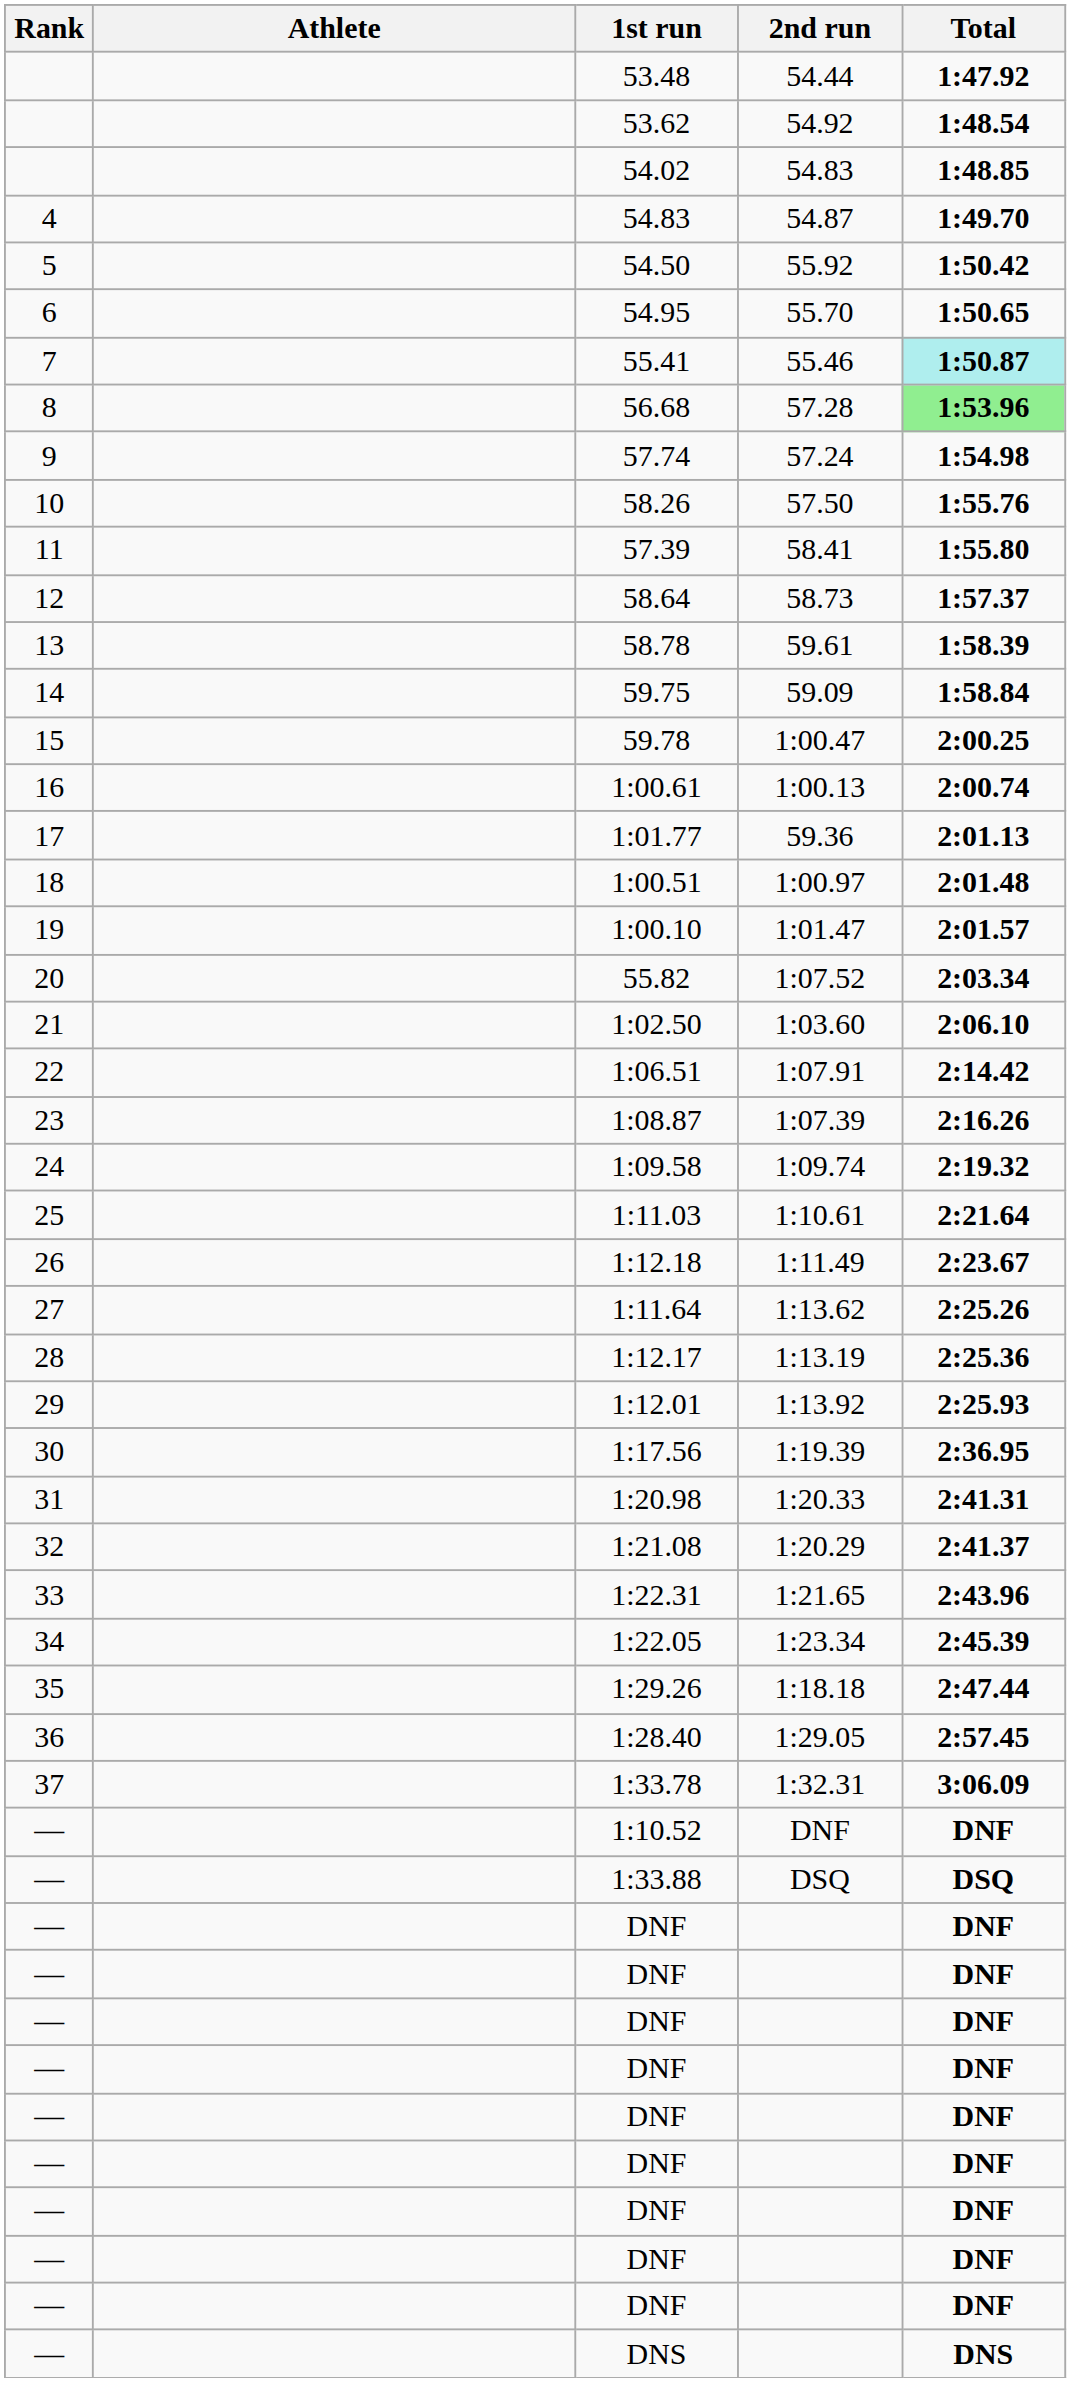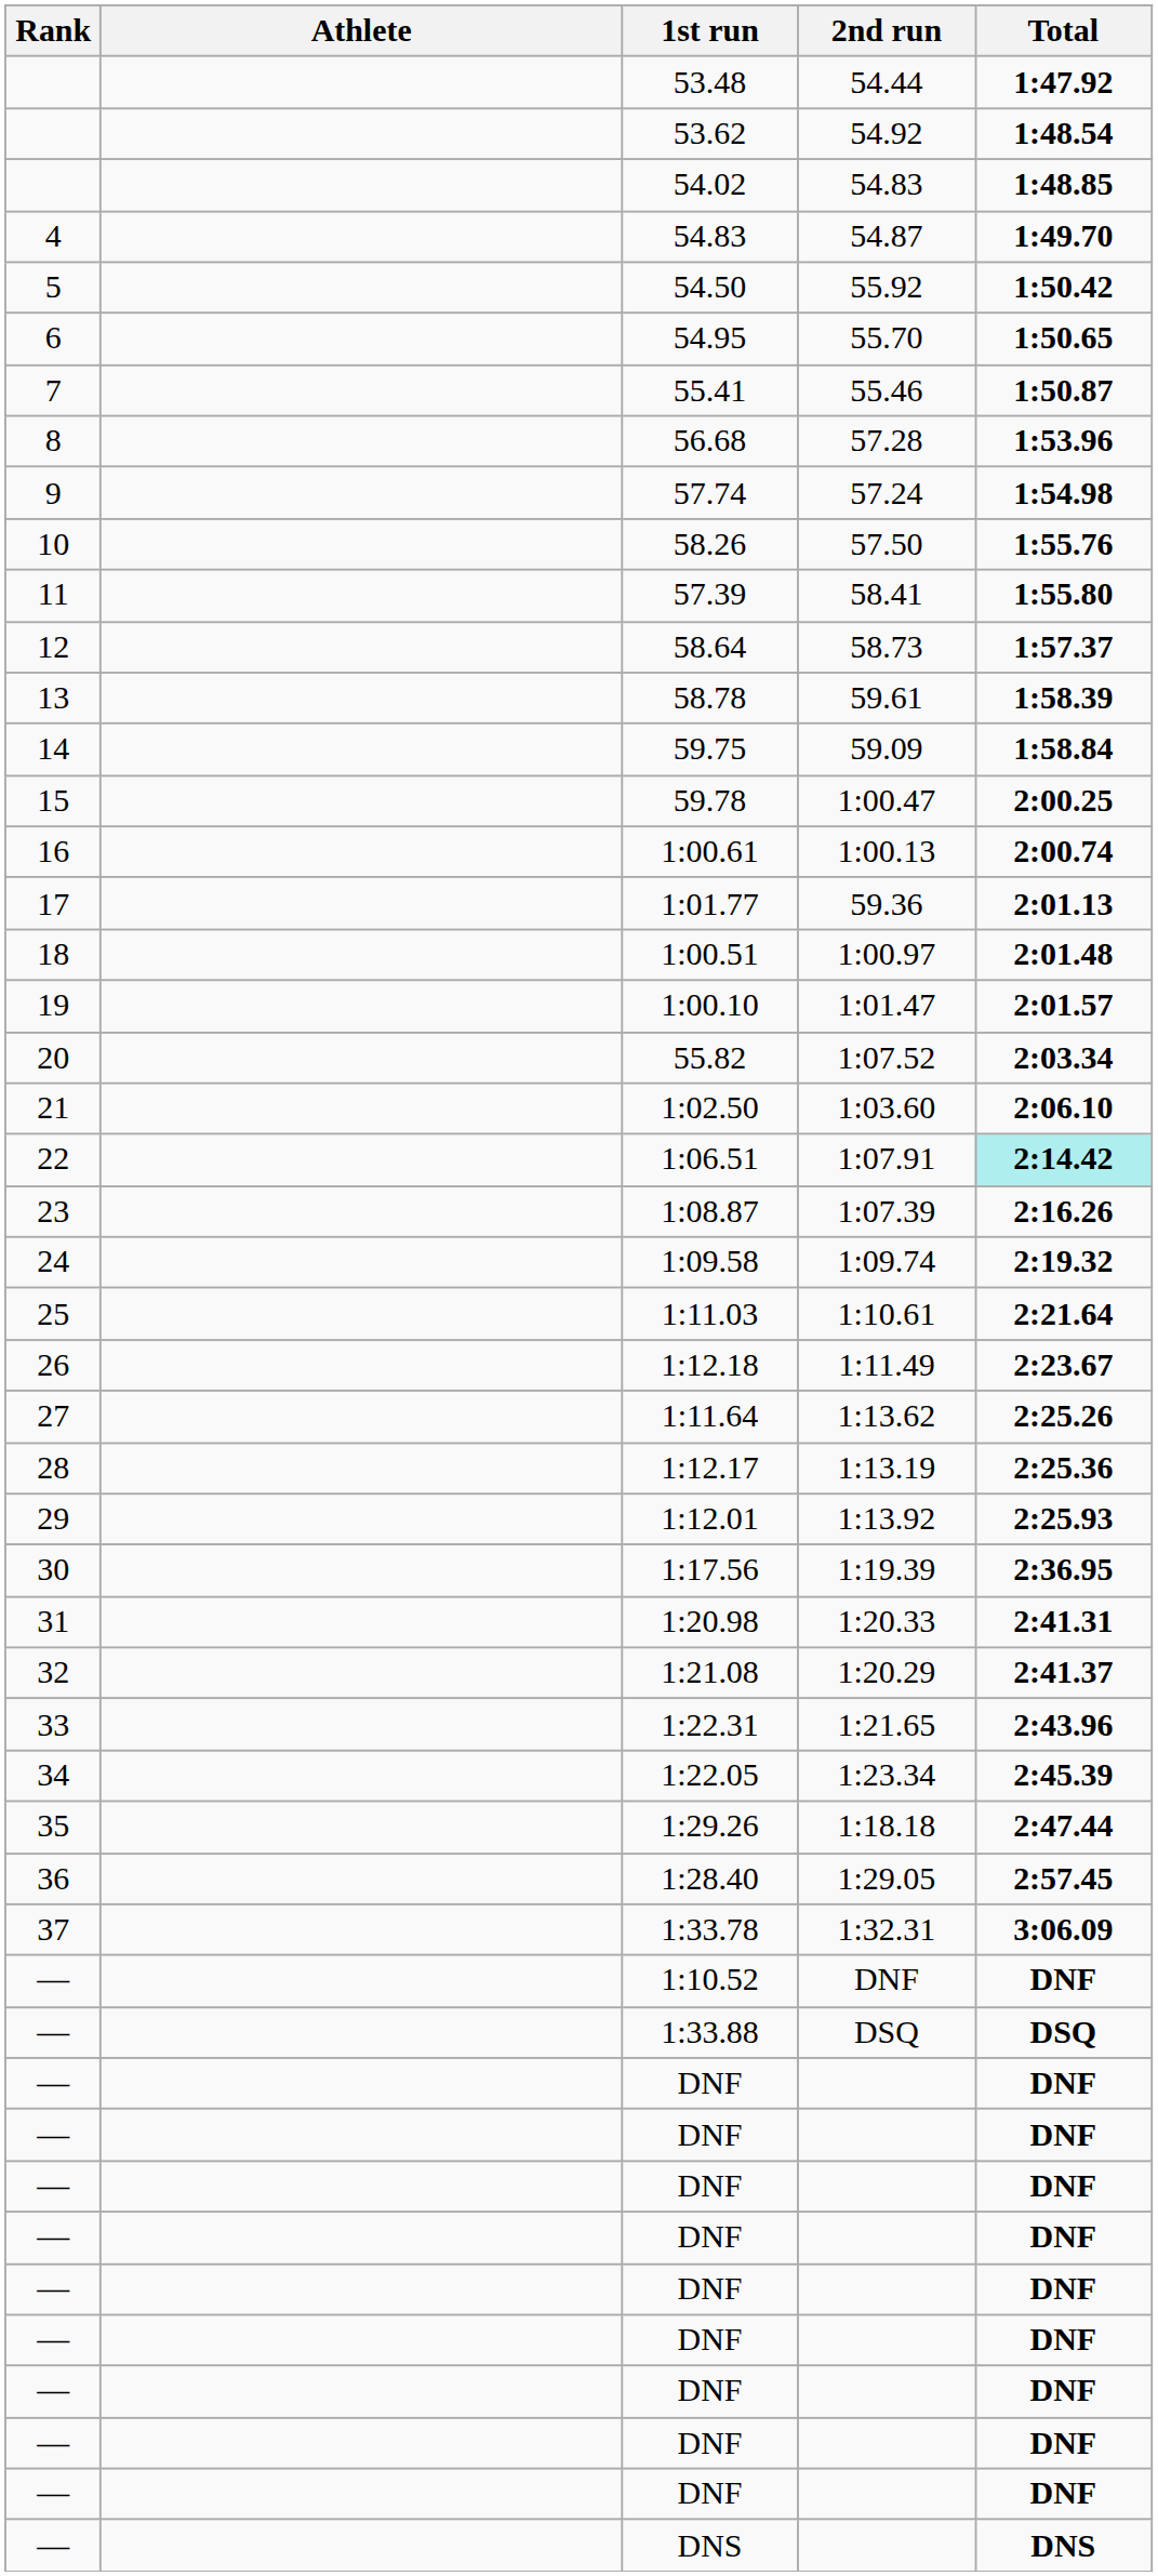 <table class=wikitable style="text-align:center">
 <tr>
 <th width=40>Rank</th>
 <th width=250>Athlete</th>
 <th width=80>1st run</th>
 <th width=80>2nd run</th>
 <th width=80>Total</th>
 </tr>
 <tr>
 <td></td>
 <td align=left></td>
 <td>53.48</td>
 <td>54.44</td>
 <td><strong>1:47.92</strong></td>
 </tr>
 <tr>
 <td></td>
 <td align=left></td>
 <td>53.62</td>
 <td>54.92</td>
 <td><strong>1:48.54</strong></td>
 </tr>
 <tr>
 <td></td>
 <td align=left></td>
 <td>54.02</td>
 <td>54.83</td>
 <td><strong>1:48.85</strong></td>
 </tr>
 <tr>
 <td>4</td>
 <td align=left></td>
 <td>54.83</td>
 <td>54.87</td>
 <td><strong>1:49.70</strong></td>
 </tr>
 <tr>
 <td>5</td>
 <td align=left></td>
 <td>54.50</td>
 <td>55.92</td>
 <td><strong>1:50.42</strong></td>
 </tr>
 <tr>
 <td>6</td>
 <td align=left></td>
 <td>54.95</td>
 <td>55.70</td>
 <td><strong>1:50.65</strong></td>
 </tr>
 <tr>
 <td>7</td>
 <td align=left></td>
 <td>55.41</td>
 <td>55.46</td>
-<td style="background: paleturquoise;"><strong>1:50.87</strong></td>
+<td><strong>1:50.87</strong></td>
 </tr>
 <tr>
 <td>8</td>
 <td align=left></td>
 <td>56.68</td>
 <td>57.28</td>
-<td style="background: lightgreen;"><strong>1:53.96</strong></td>
+<td><strong>1:53.96</strong></td>
 </tr>
 <tr>
 <td>9</td>
 <td align=left></td>
 <td>57.74</td>
 <td>57.24</td>
 <td><strong>1:54.98</strong></td>
 </tr>
 <tr>
 <td>10</td>
 <td align=left></td>
 <td>58.26</td>
 <td>57.50</td>
 <td><strong>1:55.76</strong></td>
 </tr>
 <tr>
 <td>11</td>
 <td align=left></td>
 <td>57.39</td>
 <td>58.41</td>
 <td><strong>1:55.80</strong></td>
 </tr>
 <tr>
 <td>12</td>
 <td align=left></td>
 <td>58.64</td>
 <td>58.73</td>
 <td><strong>1:57.37</strong></td>
 </tr>
 <tr>
 <td>13</td>
 <td align=left></td>
 <td>58.78</td>
 <td>59.61</td>
 <td><strong>1:58.39</strong></td>
 </tr>
 <tr>
 <td>14</td>
 <td align=left></td>
 <td>59.75</td>
 <td>59.09</td>
 <td><strong>1:58.84</strong></td>
 </tr>
 <tr>
 <td>15</td>
 <td align=left></td>
 <td>59.78</td>
 <td>1:00.47</td>
 <td><strong>2:00.25</strong></td>
 </tr>
 <tr>
 <td>16</td>
 <td align=left></td>
 <td>1:00.61</td>
 <td>1:00.13</td>
 <td><strong>2:00.74</strong></td>
 </tr>
 <tr>
 <td>17</td>
 <td align=left></td>
 <td>1:01.77</td>
 <td>59.36</td>
 <td><strong>2:01.13</strong></td>
 </tr>
 <tr>
 <td>18</td>
 <td align=left></td>
 <td>1:00.51</td>
 <td>1:00.97</td>
 <td><strong>2:01.48</strong></td>
 </tr>
 <tr>
 <td>19</td>
 <td align=left></td>
 <td>1:00.10</td>
 <td>1:01.47</td>
 <td><strong>2:01.57</strong></td>
 </tr>
 <tr>
 <td>20</td>
 <td align=left></td>
 <td>55.82</td>
 <td>1:07.52</td>
 <td><strong>2:03.34</strong></td>
 </tr>
 <tr>
 <td>21</td>
 <td align=left></td>
 <td>1:02.50</td>
 <td>1:03.60</td>
 <td><strong>2:06.10</strong></td>
 </tr>
 <tr>
 <td>22</td>
 <td align=left></td>
 <td>1:06.51</td>
 <td>1:07.91</td>
-<td><strong>2:14.42</strong></td>
+<td style="background: paleturquoise;"><strong>2:14.42</strong></td>
 </tr>
 <tr>
 <td>23</td>
 <td align=left></td>
 <td>1:08.87</td>
 <td>1:07.39</td>
 <td><strong>2:16.26</strong></td>
 </tr>
 <tr>
 <td>24</td>
 <td align=left></td>
 <td>1:09.58</td>
 <td>1:09.74</td>
 <td><strong>2:19.32</strong></td>
 </tr>
 <tr>
 <td>25</td>
 <td align=left></td>
 <td>1:11.03</td>
 <td>1:10.61</td>
 <td><strong>2:21.64</strong></td>
 </tr>
 <tr>
 <td>26</td>
 <td align=left></td>
 <td>1:12.18</td>
 <td>1:11.49</td>
 <td><strong>2:23.67</strong></td>
 </tr>
 <tr>
 <td>27</td>
 <td align=left></td>
 <td>1:11.64</td>
 <td>1:13.62</td>
 <td><strong>2:25.26</strong></td>
 </tr>
 <tr>
 <td>28</td>
 <td align=left></td>
 <td>1:12.17</td>
 <td>1:13.19</td>
 <td><strong>2:25.36</strong></td>
 </tr>
 <tr>
 <td>29</td>
 <td align=left></td>
 <td>1:12.01</td>
 <td>1:13.92</td>
 <td><strong>2:25.93</strong></td>
 </tr>
 <tr>
 <td>30</td>
 <td align=left></td>
 <td>1:17.56</td>
 <td>1:19.39</td>
 <td><strong>2:36.95</strong></td>
 </tr>
 <tr>
 <td>31</td>
 <td align=left></td>
 <td>1:20.98</td>
 <td>1:20.33</td>
 <td><strong>2:41.31</strong></td>
 </tr>
 <tr>
 <td>32</td>
 <td align=left></td>
 <td>1:21.08</td>
 <td>1:20.29</td>
 <td><strong>2:41.37</strong></td>
 </tr>
 <tr>
 <td>33</td>
 <td align=left></td>
 <td>1:22.31</td>
 <td>1:21.65</td>
 <td><strong>2:43.96</strong></td>
 </tr>
 <tr>
 <td>34</td>
 <td align=left></td>
 <td>1:22.05</td>
 <td>1:23.34</td>
 <td><strong>2:45.39</strong></td>
 </tr>
 <tr>
 <td>35</td>
 <td align=left></td>
 <td>1:29.26</td>
 <td>1:18.18</td>
 <td><strong>2:47.44</strong></td>
 </tr>
 <tr>
 <td>36</td>
 <td align=left></td>
 <td>1:28.40</td>
 <td>1:29.05</td>
 <td><strong>2:57.45</strong></td>
 </tr>
 <tr>
 <td>37</td>
 <td align=left></td>
 <td>1:33.78</td>
 <td>1:32.31</td>
 <td><strong>3:06.09</strong></td>
 </tr>
 <tr>
 <td>—</td>
 <td align=left></td>
 <td>1:10.52</td>
 <td>DNF</td>
 <td><strong>DNF</strong></td>
 </tr>
 <tr>
 <td>—</td>
 <td align=left></td>
 <td>1:33.88</td>
 <td>DSQ</td>
 <td><strong>DSQ</strong></td>
 </tr>
 <tr>
 <td>—</td>
 <td align=left></td>
 <td>DNF</td>
 <td></td>
 <td><strong>DNF</strong></td>
 </tr>
 <tr>
 <td>—</td>
 <td align=left></td>
 <td>DNF</td>
 <td></td>
 <td><strong>DNF</strong></td>
 </tr>
 <tr>
 <td>—</td>
 <td align=left></td>
 <td>DNF</td>
 <td></td>
 <td><strong>DNF</strong></td>
 </tr>
 <tr>
 <td>—</td>
 <td align=left></td>
 <td>DNF</td>
 <td></td>
 <td><strong>DNF</strong></td>
 </tr>
 <tr>
 <td>—</td>
 <td align=left></td>
 <td>DNF</td>
 <td></td>
 <td><strong>DNF</strong></td>
 </tr>
 <tr>
 <td>—</td>
 <td align=left></td>
 <td>DNF</td>
 <td></td>
 <td><strong>DNF</strong></td>
 </tr>
 <tr>
 <td>—</td>
 <td align=left></td>
 <td>DNF</td>
 <td></td>
 <td><strong>DNF</strong></td>
 </tr>
 <tr>
 <td>—</td>
 <td align=left></td>
 <td>DNF</td>
 <td></td>
 <td><strong>DNF</strong></td>
 </tr>
 <tr>
 <td>—</td>
 <td align=left></td>
 <td>DNF</td>
 <td></td>
 <td><strong>DNF</strong></td>
 </tr>
 <tr>
 <td>—</td>
 <td align=left></td>
 <td>DNS</td>
 <td></td>
 <td><strong>DNS</strong></td>
 </tr>
 </table>
